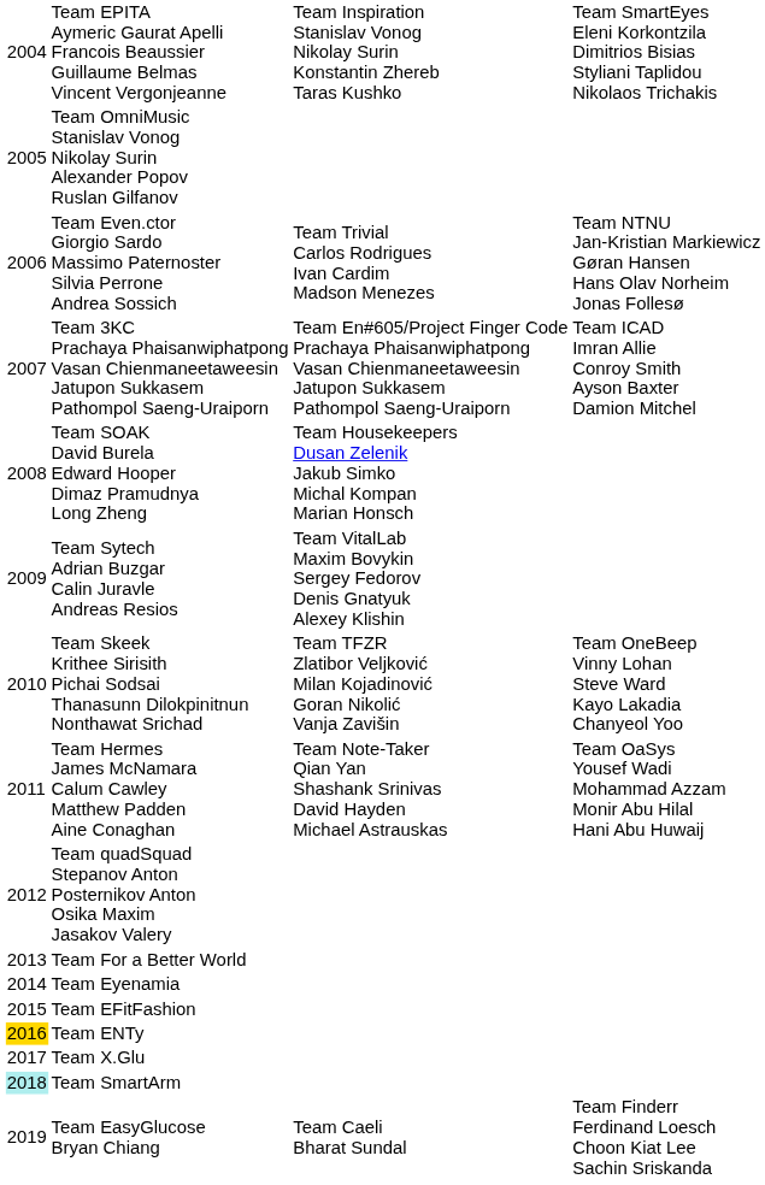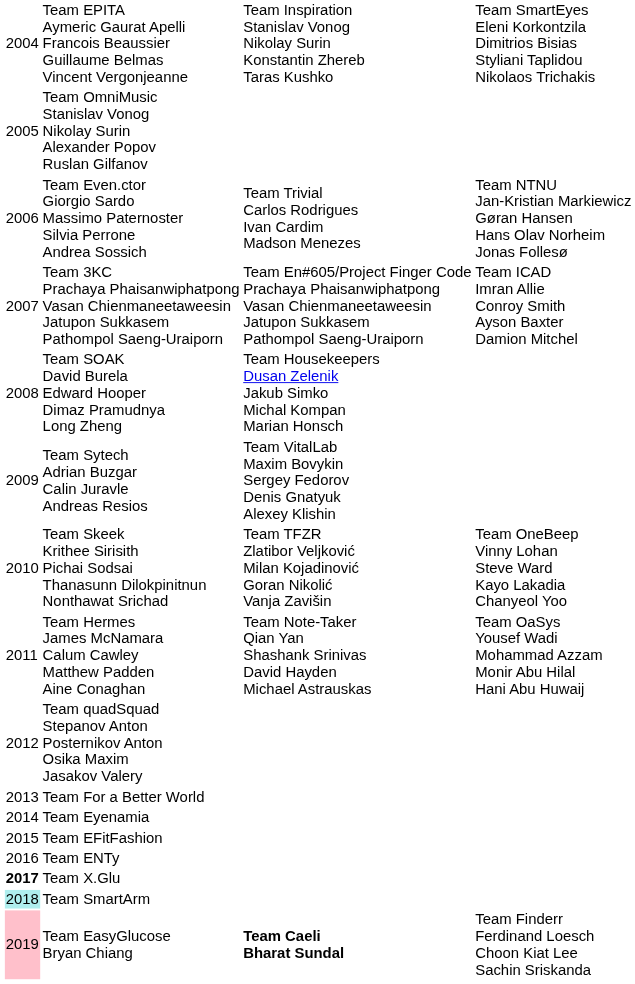 <table>
 <tr>
 <td>2004</td>
 <td> Team EPITA<br>Aymeric Gaurat Apelli<br>Francois Beaussier<br>Guillaume Belmas<br>Vincent Vergonjeanne</td>
 <td> Team Inspiration<br> Stanislav Vonog <br> Nikolay Surin <br> Konstantin Zhereb<br> Taras Kushko</td>
 <td> Team SmartEyes<br>Eleni Korkontzila<br>Dimitrios Bisias<br>Styliani Taplidou<br>Nikolaos Trichakis</td>
 </tr>
 <tr>
 <td>2005</td>
 <td> Team OmniMusic<br> Stanislav Vonog<br> Nikolay Surin<br> Alexander Popov<br> Ruslan Gilfanov</td>
 </tr>
 <tr>
 <td>2006</td>
 <td> Team Even.ctor<br>Giorgio Sardo<br>Massimo Paternoster<br>Silvia Perrone<br>Andrea Sossich</td>
 <td> Team Trivial<br>Carlos Rodrigues<br>Ivan Cardim<br>Madson Menezes</td>
 <td>Team NTNU<br>Jan-Kristian Markiewicz<br>Gøran Hansen<br>Hans Olav Norheim<br>Jonas Follesø</td>
 </tr>
 <tr>
 <td>2007</td>
 <td> Team 3KC<br>Prachaya Phaisanwiphatpong<br>Vasan Chienmaneetaweesin<br>Jatupon Sukkasem<br>Pathompol Saeng-Uraiporn</td>
 <td> Team En#605/Project Finger Code<br>Prachaya Phaisanwiphatpong<br>Vasan Chienmaneetaweesin<br>Jatupon Sukkasem<br>Pathompol Saeng-Uraiporn</td>
 <td> Team ICAD<br> Imran Allie<br> Conroy Smith<br> Ayson Baxter<br> Damion Mitchel</td>
 </tr>
 <tr>
 <td>2008</td>
 <td> Team SOAK<br>David Burela<br>Edward Hooper<br>Dimaz Pramudnya<br>Long Zheng</td>
 <td> Team Housekeepers<br><a href='#'>Dusan Zelenik</a><br>Jakub Simko<br>Michal Kompan<br>Marian Honsch</td>
 </tr>
 <tr>
 <td>2009</td>
 <td> Team Sytech<br>Adrian Buzgar<br>Calin Juravle<br>Andreas Resios</td>
 <td> Team VitalLab<br>Maxim Bovykin<br>Sergey Fedorov<br>Denis Gnatyuk<br>Alexey Klishin</td>
 </tr>
 <tr>
 <td>2010</td>
 <td> Team Skeek <br>Krithee Sirisith<br>Pichai Sodsai<br>Thanasunn Dilokpinitnun<br>Nonthawat Srichad</td>
 <td> Team TFZR <br>Zlatibor Veljković<br>Milan Kojadinović<br>Goran Nikolić<br>Vanja Zavišin</td>
 <td> Team OneBeep<br>Vinny Lohan<br>Steve Ward<br>Kayo Lakadia<br>Chanyeol Yoo</td>
 </tr>
 <tr>
 <td>2011</td>
 <td> Team Hermes<br>James McNamara<br>Calum Cawley<br>Matthew Padden<br>Aine Conaghan</td>
 <td> Team Note-Taker<br>Qian Yan<br>Shashank Srinivas<br>David Hayden<br>Michael Astrauskas</td>
 <td> Team OaSys <br>Yousef Wadi<br>Mohammad Azzam<br>Monir Abu Hilal<br>Hani Abu Huwaij</td>
 </tr>
 <tr>
 <td>2012</td>
 <td> Team quadSquad<br>Stepanov Anton<br>Posternikov Anton<br>Osika Maxim<br>Jasakov Valery</td>
 </tr>
 <tr>
 <td>2013</td>
 <td> Team For a Better World</td>
 </tr>
 <tr>
 <td>2014</td>
 <td> Team Eyenamia</td>
 </tr>
 <tr>
 <td>2015</td>
 <td> Team EFitFashion</td>
 </tr>
 <tr>
-<td style="background: gold;">2016</td>
+<td>2016</td>
 <td> Team ENTy</td>
 </tr>
 <tr>
-<td>2017</td>
+<td><strong>2017</strong></td>
 <td> Team X.Glu</td>
 </tr>
 <tr>
 <td style="background: paleturquoise;">2018</td>
 <td> Team SmartArm</td>
 </tr>
 <tr>
-<td>2019</td>
+<td style="background: pink;">2019</td>
 <td> Team  EasyGlucose <br> Bryan Chiang</td>
-<td> Team Caeli <br> Bharat Sundal</td>
+<td><strong> Team Caeli <br> Bharat Sundal</strong></td>
 <td> Team Finderr  <br>Ferdinand Loesch<br>Choon Kiat Lee<br>Sachin Sriskanda</td>
 </tr>
 </table>
